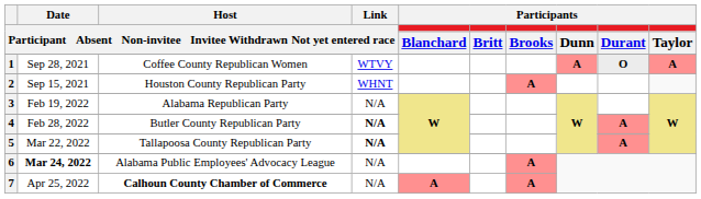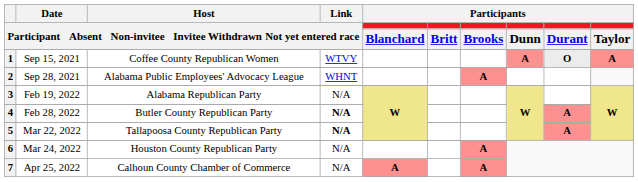 <table class="wikitable" style="text-align:center;">
 <tr style="font-size:small;">
 <th scope="col"></th>
 <th scope="col">Date</th>
 <th scope="col">Host</th>
 <th scope="col">Link</th>
 <th scope="col" colspan="9">Participants</th>
 </tr>
 <tr>
 <th colspan="4" rowspan="2"> <small>Participant  </small> <small>Absent  </small> <small>Non-invitee  </small> <small>Invitee Withdrawn</small> <small>Not yet entered race</small></th>
 <th scope="col" style="background:#E81B23;"></th>
 <th scope="col" style="background:#E81B23;"></th>
 <th scope="col" style="background:#E81B23;"></th>
 <th scope="col" style="background:#E81B23;"></th>
 <th scope="col" style="background:#E81B23;"></th>
 <th scope="col" style="background:#E81B23;"></th>
 </tr>
 <tr>
 <th scope="col"><a href='#'>Blanchard</a></th>
 <th scope="col"><a href='#'>Britt</a></th>
 <th scope="col"><a href='#'>Brooks</a></th>
 <th scope="col">Dunn</th>
 <th scope="col"><a href='#'>Durant</a></th>
 <th scope="col">Taylor</th>
 </tr>
 <tr>
 </tr>
 <tr style="background:#FFFFFF;font-size:small;">
 <th scope="row">1</th>
-<td style="white-space:nowrap;">Sep 28, 2021</td>
+<td style="white-space:nowrap;">Sep 15, 2021</td>
 <td style="white-space:nowrap;">Coffee County Republican Women</td>
 <td style="white-space:nowrap;"><a href='#'>WTVY</a></td>
 <td></td>
 <td></td>
 <td></td>
 <td style="background:#ff9090; color:black; text-align:center;"><strong>A</strong></td>
 <td rowspan="2" style="background:#ececec; color:black; text-align:center;"><strong>O</strong></td>
 <td style="background:#ff9090; color:black; text-align:center;"><strong>A</strong></td>
 </tr>
 <tr>
 </tr>
 <tr style="background:#FFFFFF;font-size:small;">
 <th scope="row">2</th>
-<td style="white-space:nowrap;">Sep 15, 2021</td>
-<td style="white-space:nowrap;">Houston County Republican Party</td>
+<td style="white-space:nowrap;">Sep 28, 2021</td>
+<td style="white-space:nowrap;">Alabama Public Employees' Advocacy League</td>
 <td style="white-space:nowrap;"><a href='#'>WHNT</a></td>
 <td></td>
 <td></td>
 <td style="background:#ff9090; color:black; text-align:center;"><strong>A</strong></td>
 <td></td>
 <td></td>
 </tr>
 <tr>
 </tr>
 <tr style="background:#FFFFFF;font-size:small;">
 <th scope="row">3</th>
 <td style="white-space:nowrap;">Feb 19, 2022</td>
 <td style="white-space:nowrap;">Alabama Republican Party</td>
 <td style="white-space:nowrap;">N/A</td>
 <td rowspan="5" style="background:#f0e68c; color:black; text-align:center;"><strong>W</strong></td>
 <td></td>
 <td></td>
 <td rowspan="5" style="background:#f0e68c; color:black; text-align:center;"><strong>W</strong></td>
 <td></td>
 <td rowspan="5" style="background:#f0e68c; color:black; text-align:center;"><strong>W</strong></td>
 </tr>
 <tr>
 </tr>
 <tr style="background:#FFFFFF;font-size:small;">
 <th scope="row">4</th>
 <td style="white-space:nowrap;">Feb 28, 2022</td>
 <td style="white-space:nowrap;">Butler County Republican Party</td>
 <td style="white-space:nowrap;"><strong>N/A</strong></td>
 <td></td>
 <td></td>
 <td style="background:#ff9090; color:black; text-align:center;"><strong>A</strong></td>
 </tr>
 <tr>
 </tr>
 <tr style="background:#FFFFFF;font-size:small;">
 <th scope="row">5</th>
 <td style="white-space:nowrap;">Mar 22, 2022</td>
 <td style="white-space:nowrap;">Tallapoosa County Republican Party</td>
 <td style="white-space:nowrap;"><strong>N/A</strong></td>
 <td></td>
 <td></td>
 <td style="background:#ff9090; color:black; text-align:center;"><strong>A</strong></td>
 </tr>
 <tr>
 </tr>
 <tr style="background:#FFFFFF;font-size:small;">
 <th scope="row">6</th>
-<td style="white-space:nowrap;"><strong>Mar 24, 2022</strong></td>
-<td style="white-space:nowrap;">Alabama Public Employees' Advocacy League</td>
+<td style="white-space:nowrap;">Mar 24, 2022</td>
+<td style="white-space:nowrap;">Houston County Republican Party</td>
 <td style="white-space:nowrap;">N/A</td>
 <td></td>
 <td></td>
 <td style="background:#ff9090; color:black; text-align:center;"><strong>A</strong></td>
 </tr>
 <tr style="background:#FFFFFF;font-size:small;">
 <th scope="row">7</th>
 <td style="white-space:nowrap;">Apr 25, 2022</td>
-<td style="white-space:nowrap;"><strong>Calhoun County Chamber of Commerce</strong></td>
+<td style="white-space:nowrap;">Calhoun County Chamber of Commerce</td>
 <td style="white-space:nowrap;">N/A</td>
 <td style="background:#ff9090; color:black; text-align:center;"><strong>A</strong></td>
 <td></td>
 <td style="background:#ff9090; color:black; text-align:center;"><strong>A</strong></td>
 </tr>
 </table>
